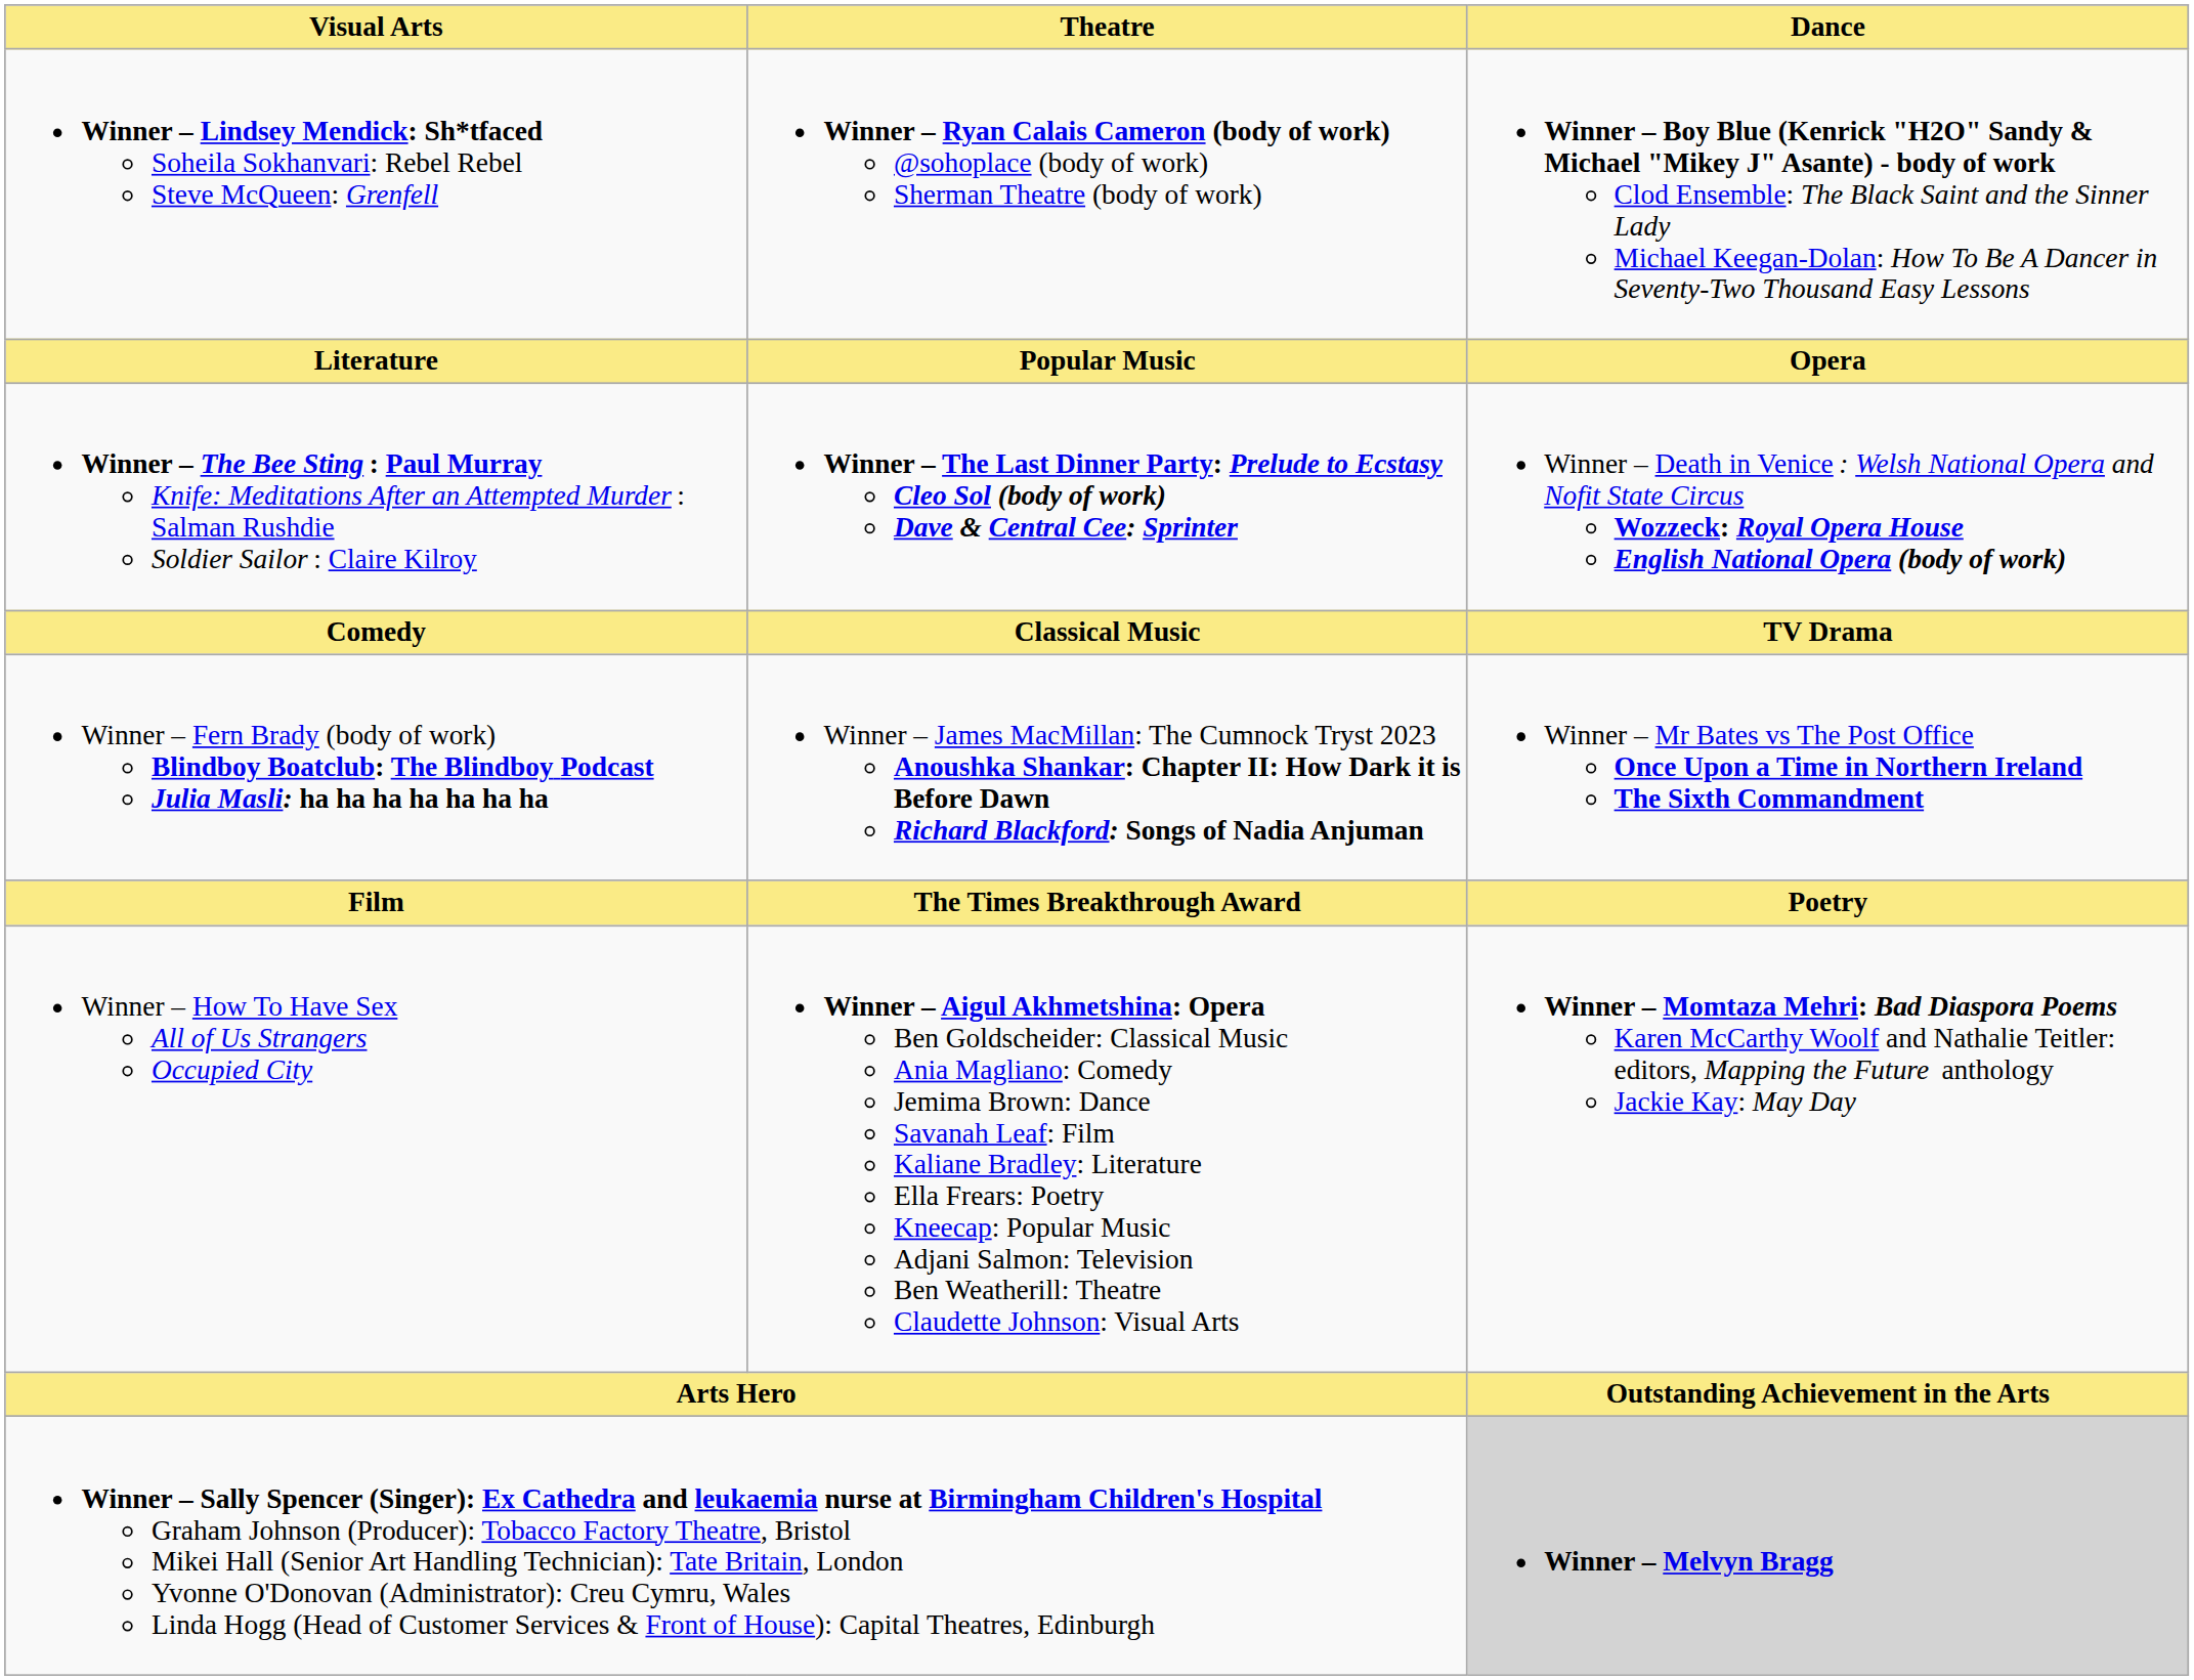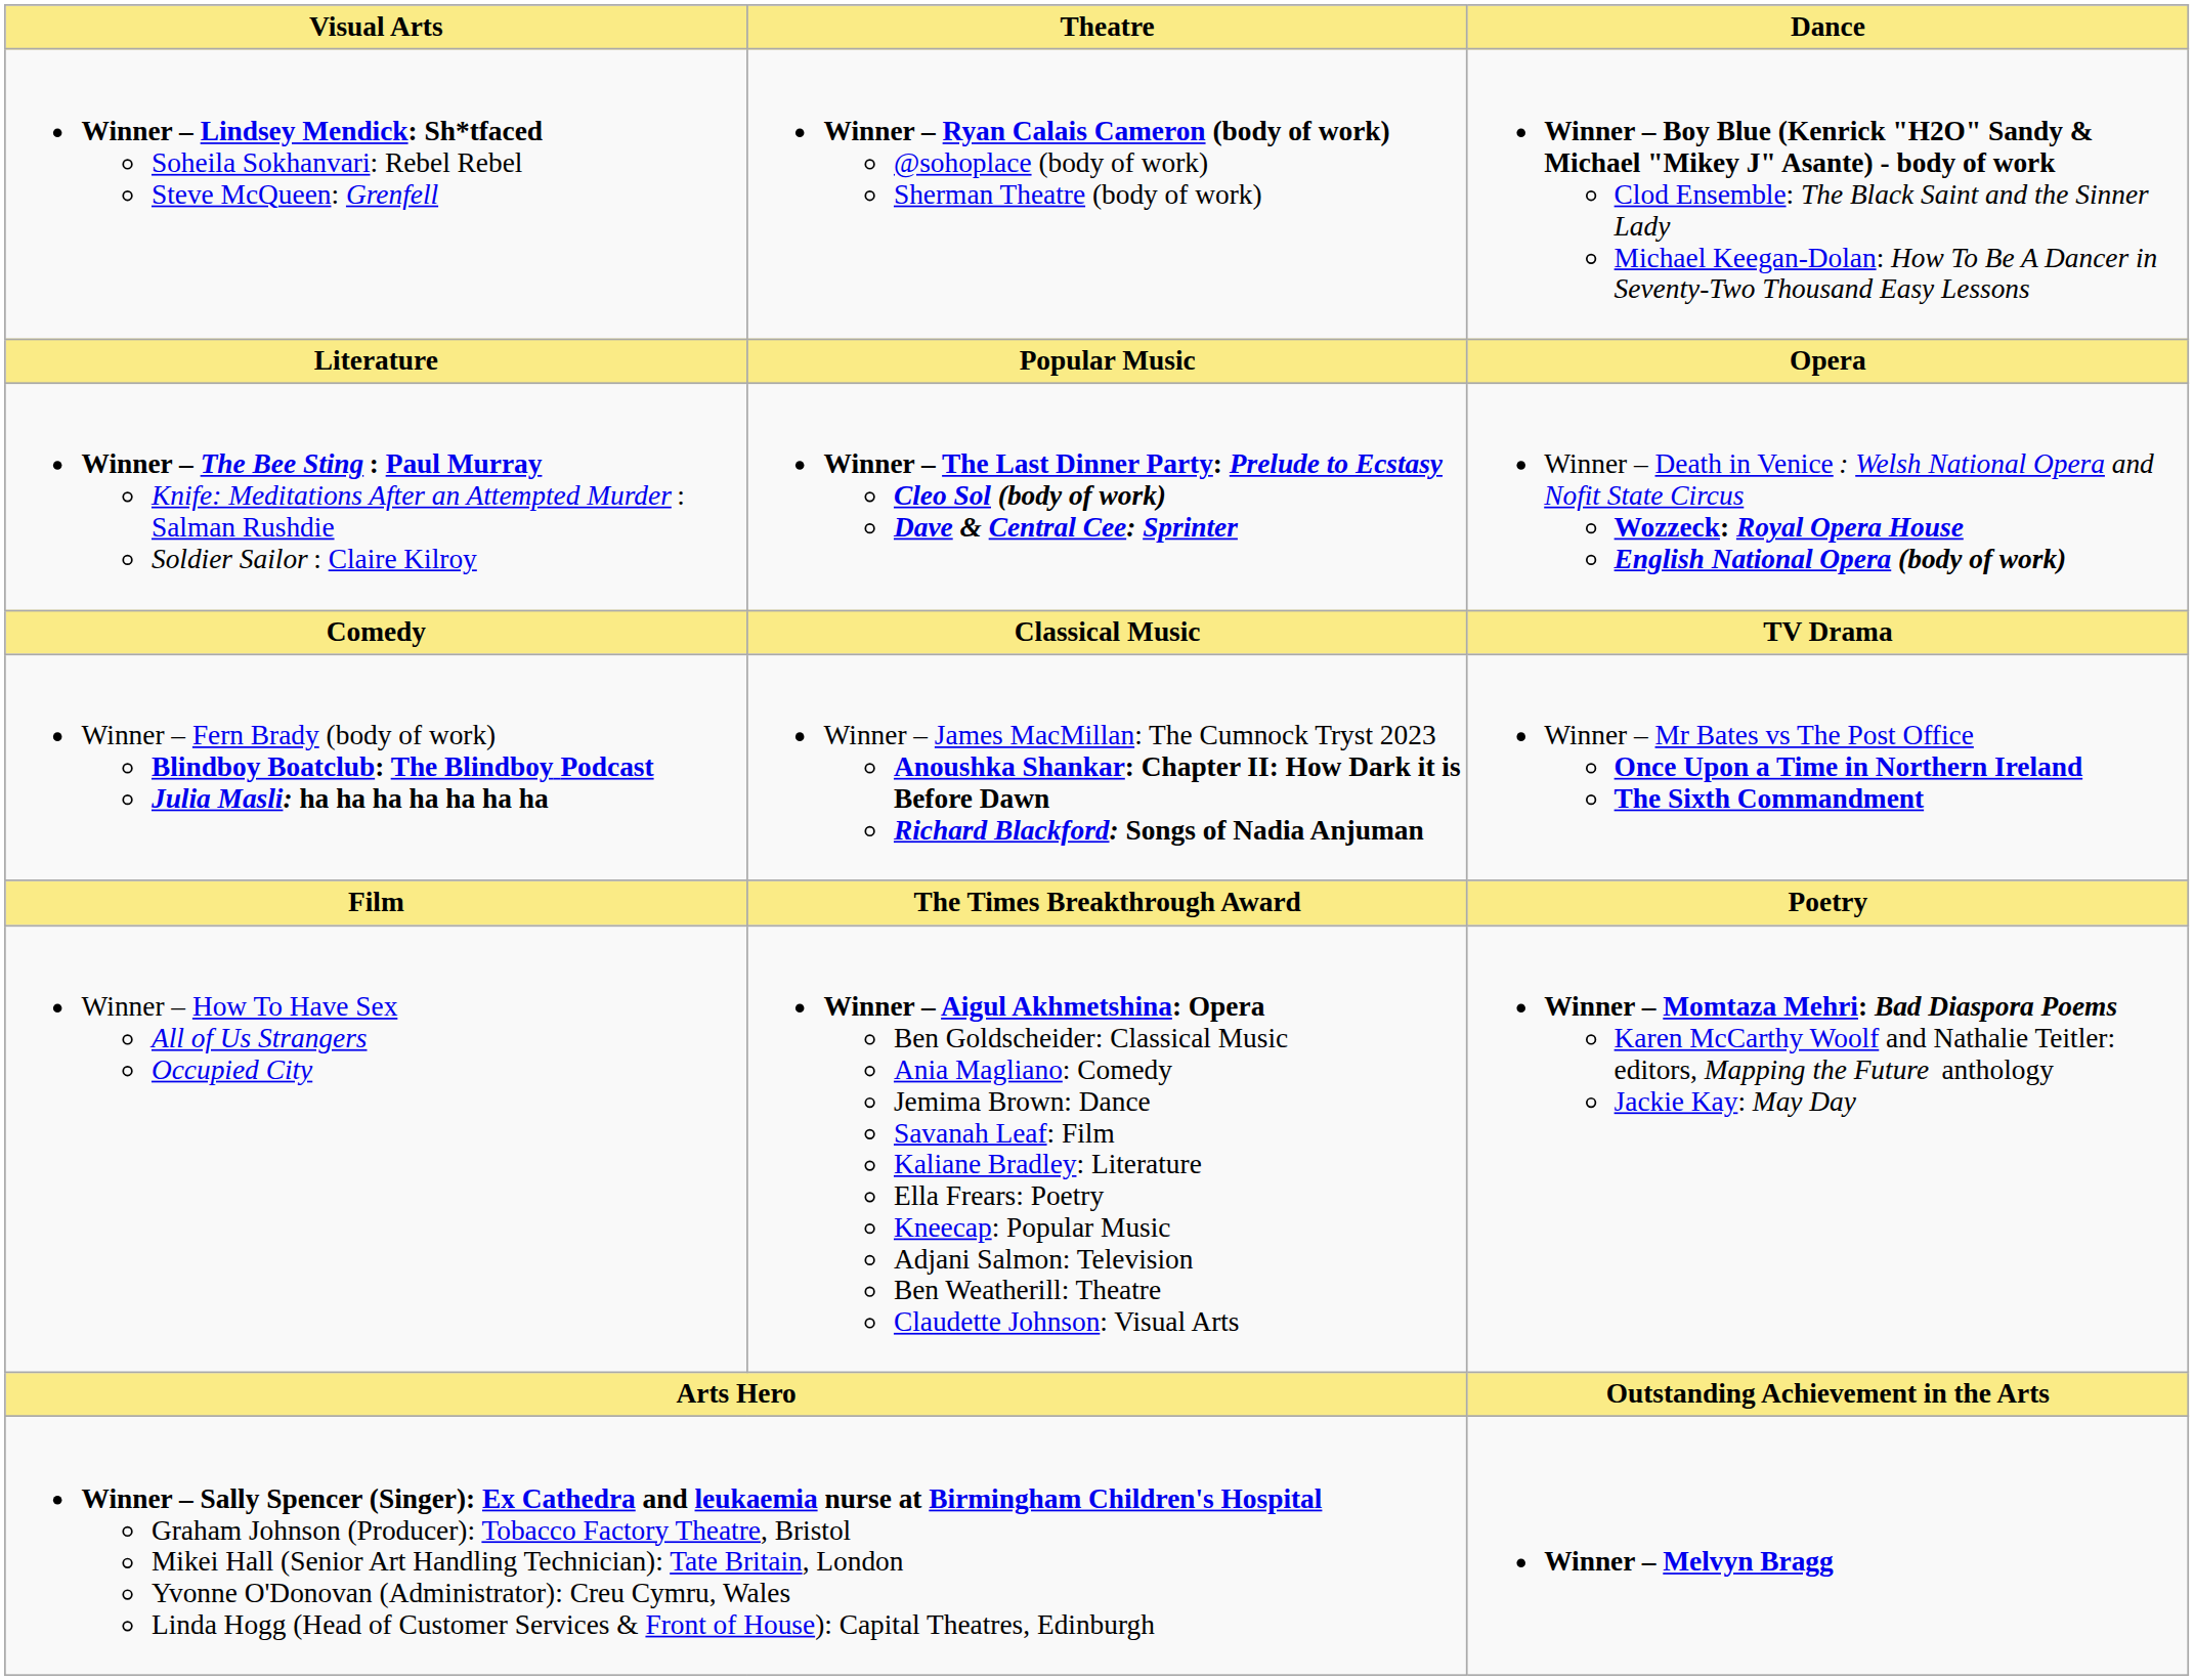 <table class="wikitable" style="font-size:100%">
 <tr>
 <th style="background:#FAEB86;" width="34%">Visual Arts</th>
 <th style="background:#FAEB86;" width="33%">Theatre</th>
 <th style="background:#FAEB86;" width="33%">Dance</th>
 </tr>
 <tr>
 <td valign="top"><br><ul><li><strong>Winner – <a href='#'>Lindsey Mendick</a>: Sh*tfaced    </strong><ul><li><a href='#'>Soheila Sokhanvari</a>: Rebel Rebel  </li><li><a href='#'>Steve McQueen</a>: <em><a href='#'>Grenfell</a></em> </li></ul></li></ul></td>
 <td valign="top"><br><ul><li><strong>Winner – <a href='#'>Ryan Calais Cameron</a> (body of work)</strong><ul><li><a href='#'>@sohoplace</a> (body of work)</li><li><a href='#'>Sherman Theatre</a> (body of work)</li></ul></li></ul></td>
 <td valign="top"><br><ul><li><strong>Winner – Boy Blue (Kenrick "H2O" Sandy  & Michael "Mikey J" Asante) - body of work</strong><ul><li><a href='#'>Clod Ensemble</a>: <em>The Black Saint and the Sinner Lady</em>  </li><li><a href='#'>Michael Keegan-Dolan</a>: <em>How To Be A Dancer in Seventy-Two Thousand Easy Lessons</em> </li></ul></li></ul></td>
 </tr>
 <tr>
 <th style="background:#FAEB86;" width="34%">Literature</th>
 <th style="background:#FAEB86;" width="33%">Popular Music</th>
 <th style="background:#FAEB86;" width="33%">Opera</th>
 </tr>
 <tr>
 <td valign="top"><br><ul><li><strong>Winner – <em><a href='#'>The Bee Sting</a></em> : <a href='#'>Paul Murray</a></strong><ul><li><em><a href='#'>Knife: Meditations After an Attempted Murder</a></em> : <a href='#'>Salman Rushdie</a></li><li><em>Soldier Sailor</em> : <a href='#'>Claire Kilroy</a></li></ul></li></ul></td>
 <td valign="top"><br><ul><li><strong>Winner – <a href='#'>The Last Dinner Party</a>: <em><a href='#'>Prelude to Ecstasy</a><strong><em><ul><li><a href='#'>Cleo Sol</a> (body of work)</li><li><a href='#'>Dave</a> & <a href='#'>Central Cee</a>: </em><a href='#'>Sprinter</a><em></li></ul></li></ul></td>
 <td valign="top"><br><ul><li></strong>Winner – </em><a href='#'>Death in Venice</a><em> : <a href='#'>Welsh National Opera</a> and <a href='#'>Nofit State Circus</a><strong><ul><li></em><a href='#'>Wozzeck</a>:<em> <a href='#'>Royal Opera House</a></li><li><a href='#'>English National Opera</a> (body of work)</li></ul></li></ul></td>
 </tr>
 <tr>
 <th style="background:#FAEB86;" width="34%">Comedy</th>
 <th style="background:#FAEB86;" width="33%">Classical Music</th>
 <th style="background:#FAEB86;" width="33%">TV Drama</th>
 </tr>
 <tr>
 <td valign="top"><br><ul><li></strong>Winner – <a href='#'>Fern Brady</a> (body of work)<strong><ul><li><a href='#'>Blindboy Boatclub</a>: <a href='#'></em>The Blindboy<em> </em>Podcast<em></a> </li><li><a href='#'>Julia Masli</a>: </em>ha ha ha ha ha ha ha<em></li></ul></li></ul></td>
 <td valign="top"><br><ul><li></strong>Winner – <a href='#'>James MacMillan</a>: The Cumnock Tryst 2023 <strong><ul><li><a href='#'>Anoushka Shankar</a>: </em>Chapter II: How Dark it is Before Dawn<em></li><li><a href='#'>Richard Blackford</a>: </em>Songs of Nadia Anjuman<em> </li></ul></li></ul></td>
 <td valign="top"><br><ul><li></strong>Winner – </em><a href='#'>Mr Bates vs The Post Office</a><em> <strong><ul><li></em><a href='#'>Once Upon a Time in Northern Ireland</a> <em></li><li></em><a href='#'>The Sixth Commandment</a><em></li></ul></li></ul></td>
 </tr>
 <tr>
 <th style="background:#FAEB86;" width="34%">Film</th>
 <th style="background:#FAEB86;" width="33%">The Times Breakthrough Award</th>
 <th style="background:#FAEB86;" width="33%">Poetry</th>
 </tr>
 <tr>
 <td valign="top"><br><ul><li></strong>Winner – </em><a href='#'>How To Have Sex</a></em></strong><ul><li><em><a href='#'>All of Us Strangers</a></em></li><li><em><a href='#'>Occupied City</a></em></li></ul></li></ul></td>
 <td valign="top"><br><ul><li><strong>Winner – <a href='#'>Aigul Akhmetshina</a>: Opera</strong><ul><li>Ben Goldscheider: Classical Music</li><li><a href='#'>Ania Magliano</a>: Comedy</li><li>Jemima Brown: Dance</li><li><a href='#'>Savanah Leaf</a>: Film</li><li><a href='#'>Kaliane Bradley</a>: Literature</li><li>Ella Frears: Poetry</li><li><a href='#'>Kneecap</a>: Popular Music</li><li>Adjani Salmon: Television</li><li>Ben Weatherill: Theatre</li><li><a href='#'>Claudette Johnson</a>: Visual Arts</li></ul></li></ul></td>
 <td valign="top"><br><ul><li><strong>Winner – <a href='#'>Momtaza Mehri</a>: <em>Bad Diaspora Poems</em> </strong><ul><li><a href='#'>Karen McCarthy Woolf</a> and Nathalie Teitler: editors, <em>Mapping the Future</em>  anthology</li><li><a href='#'>Jackie Kay</a>: <em>May Day</em></li></ul></li></ul></td>
 </tr>
 <tr>
 <th style="background:#FAEB86;" colspan="2">Arts Hero</th>
 <th style="background:#FAEB86;">Outstanding Achievement in the Arts</th>
 </tr>
 <tr>
 <td colspan="2"><br><ul><li><strong>Winner – Sally Spencer (Singer): <a href='#'>Ex Cathedra</a> and <a href='#'>leukaemia</a> nurse at <a href='#'>Birmingham Children's Hospital</a></strong><ul><li>Graham Johnson (Producer): <a href='#'>Tobacco Factory Theatre</a>, Bristol</li><li>Mikei Hall (Senior Art Handling Technician): <a href='#'>Tate Britain</a>, London</li><li>Yvonne O'Donovan (Administrator): Creu Cymru, Wales</li><li>Linda Hogg (Head of Customer Services & <a href='#'>Front of House</a>): Capital Theatres, Edinburgh</li></ul></li></ul></td>
-<td style="background: lightgrey;"><br><ul><li><strong>Winner – <a href='#'>Melvyn Bragg</a></strong></li></ul></td>
+<td><br><ul><li><strong>Winner – <a href='#'>Melvyn Bragg</a></strong></li></ul></td>
 </tr>
 </table>
